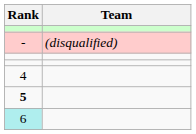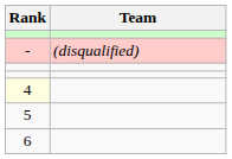 <table class="wikitable">
 <tr>
 <th>Rank</th>
 <th width=170>Team</th>
 </tr>
 <tr bgcolor=#ccffcc>
 <td align=center></td>
 <td></td>
 </tr>
 <tr bgcolor="#ffcccc">
 <td align="center">-</td>
 <td> <em>(disqualified)</em></td>
 </tr>
 <tr>
 <td align=center></td>
 <td></td>
 </tr>
 <tr>
 <td align=center></td>
 <td></td>
 </tr>
 <tr>
-<td align=center>4</td>
+<td align=center style="background: lightyellow;">4</td>
 <td></td>
 </tr>
 <tr>
-<td align=center><strong>5</strong></td>
+<td align=center>5</td>
 <td></td>
 </tr>
 <tr>
-<td align=center style="background: paleturquoise;">6</td>
+<td align=center>6</td>
 <td></td>
 </tr>
 </table>
